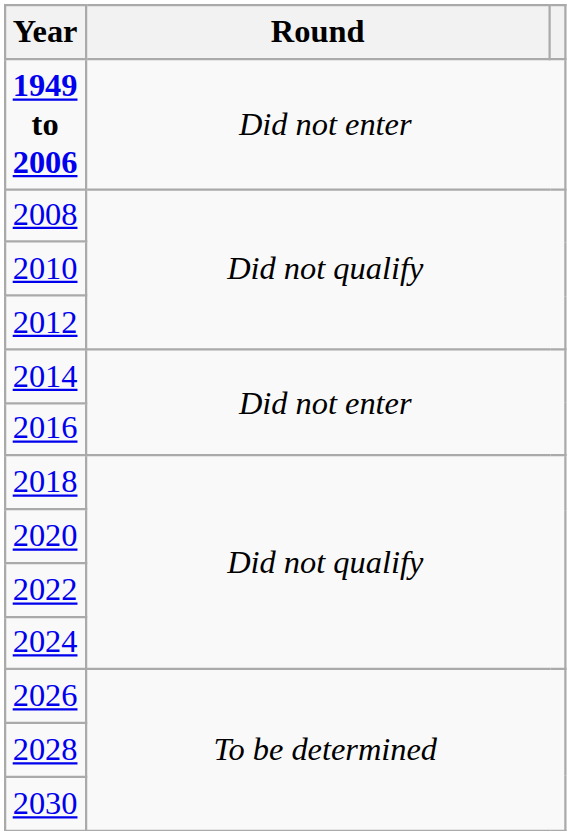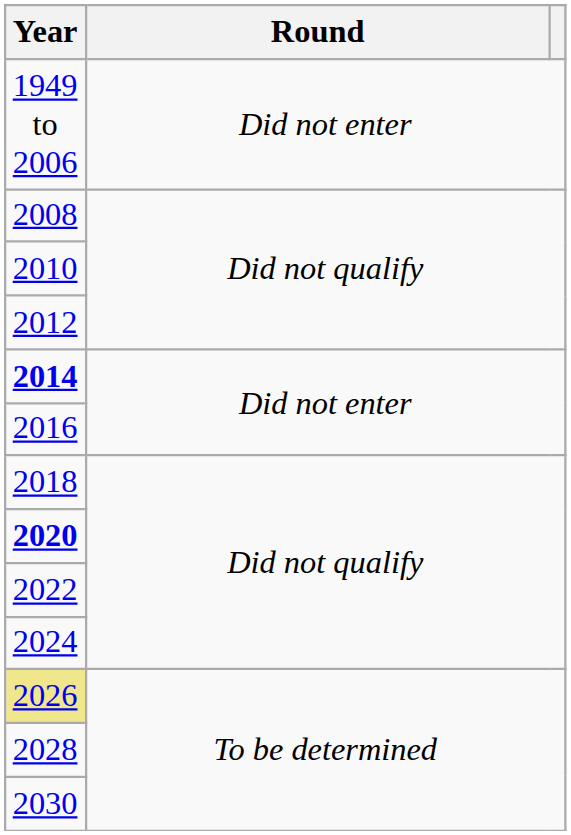 <table class="wikitable" style="text-align: center; font-size:90%">
 <tr>
 <th>Year</th>
 <th style="width:200px">Round</th>
 <th></th>
 </tr>
 <tr>
-<td><strong><a href='#'>1949</a><br>to<br><a href='#'>2006</a></strong></td>
+<td><a href='#'>1949</a><br>to<br><a href='#'>2006</a></td>
 <td colspan="2"><em>Did not enter</em></td>
 </tr>
 <tr>
 <td><a href='#'>2008</a></td>
 <td colspan="2" rowspan="3"><em>Did not qualify</em></td>
 </tr>
 <tr>
 <td><a href='#'>2010</a></td>
 </tr>
 <tr>
 <td><a href='#'>2012</a></td>
 </tr>
 <tr>
-<td><a href='#'>2014</a></td>
+<td><strong><a href='#'>2014</a></strong></td>
 <td colspan="2" rowspan="2"><em>Did not enter</em></td>
 </tr>
 <tr>
 <td><a href='#'>2016</a></td>
 </tr>
 <tr>
 <td><a href='#'>2018</a></td>
 <td colspan="2" rowspan="4"><em>Did not qualify</em></td>
 </tr>
 <tr>
-<td><a href='#'>2020</a></td>
+<td><strong><a href='#'>2020</a></strong></td>
 </tr>
 <tr>
 <td><a href='#'>2022</a></td>
 </tr>
 <tr>
 <td><a href='#'>2024</a></td>
 </tr>
 <tr>
-<td><a href='#'>2026</a></td>
+<td style="background: khaki;"><a href='#'>2026</a></td>
 <td colspan="2" rowspan="3"><em>To be determined</em></td>
 </tr>
 <tr>
 <td><a href='#'>2028</a></td>
 </tr>
 <tr>
 <td><a href='#'>2030</a></td>
 </tr>
 </table>
